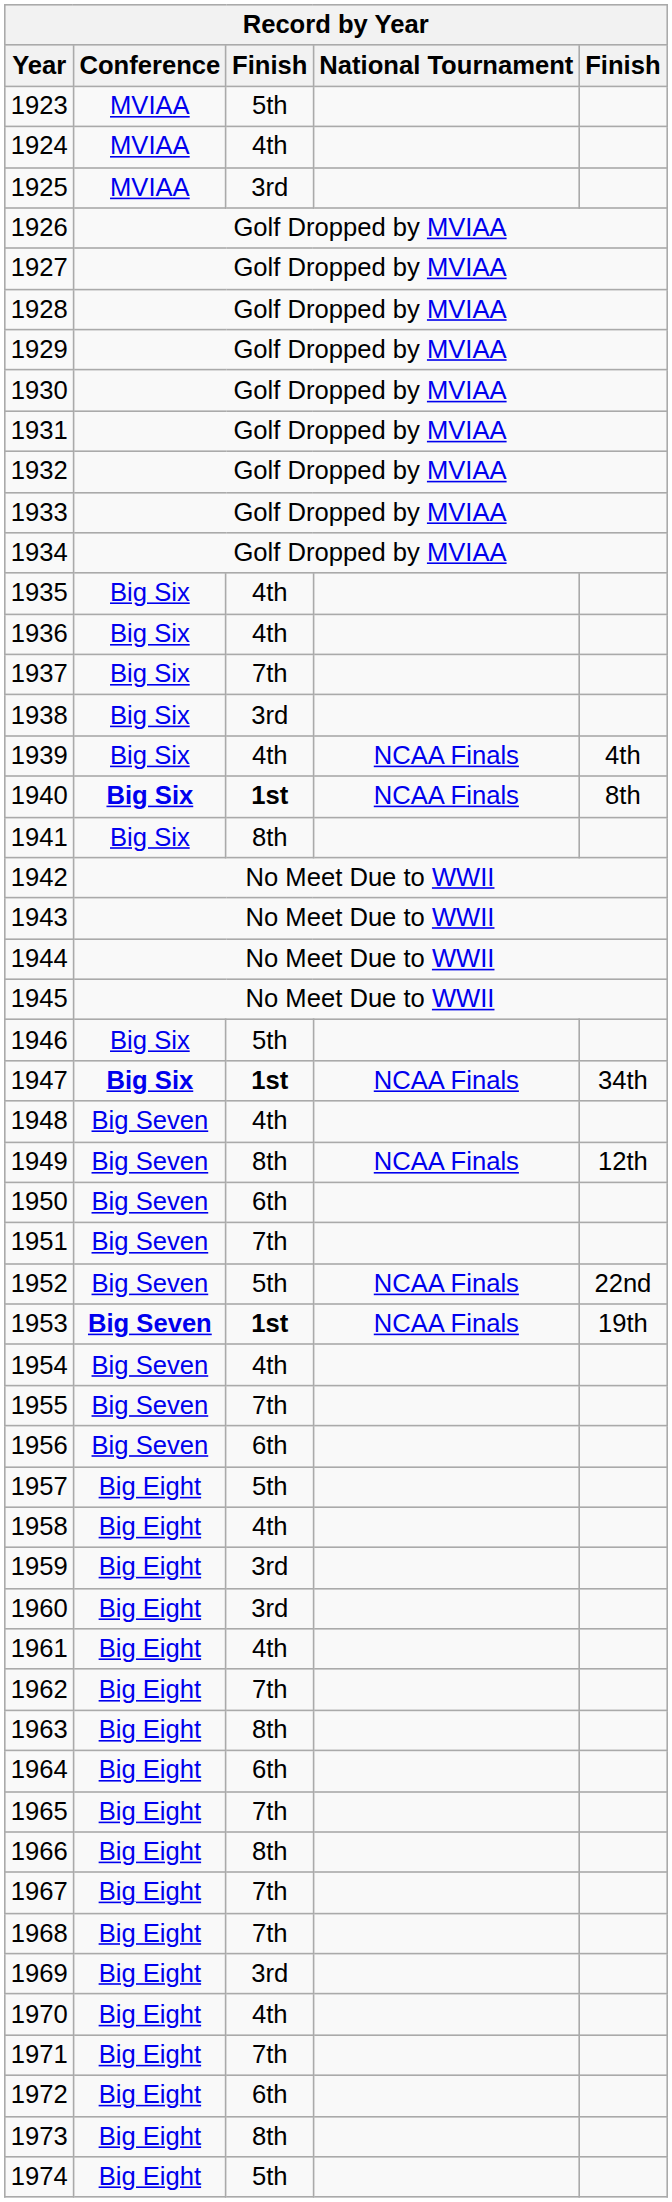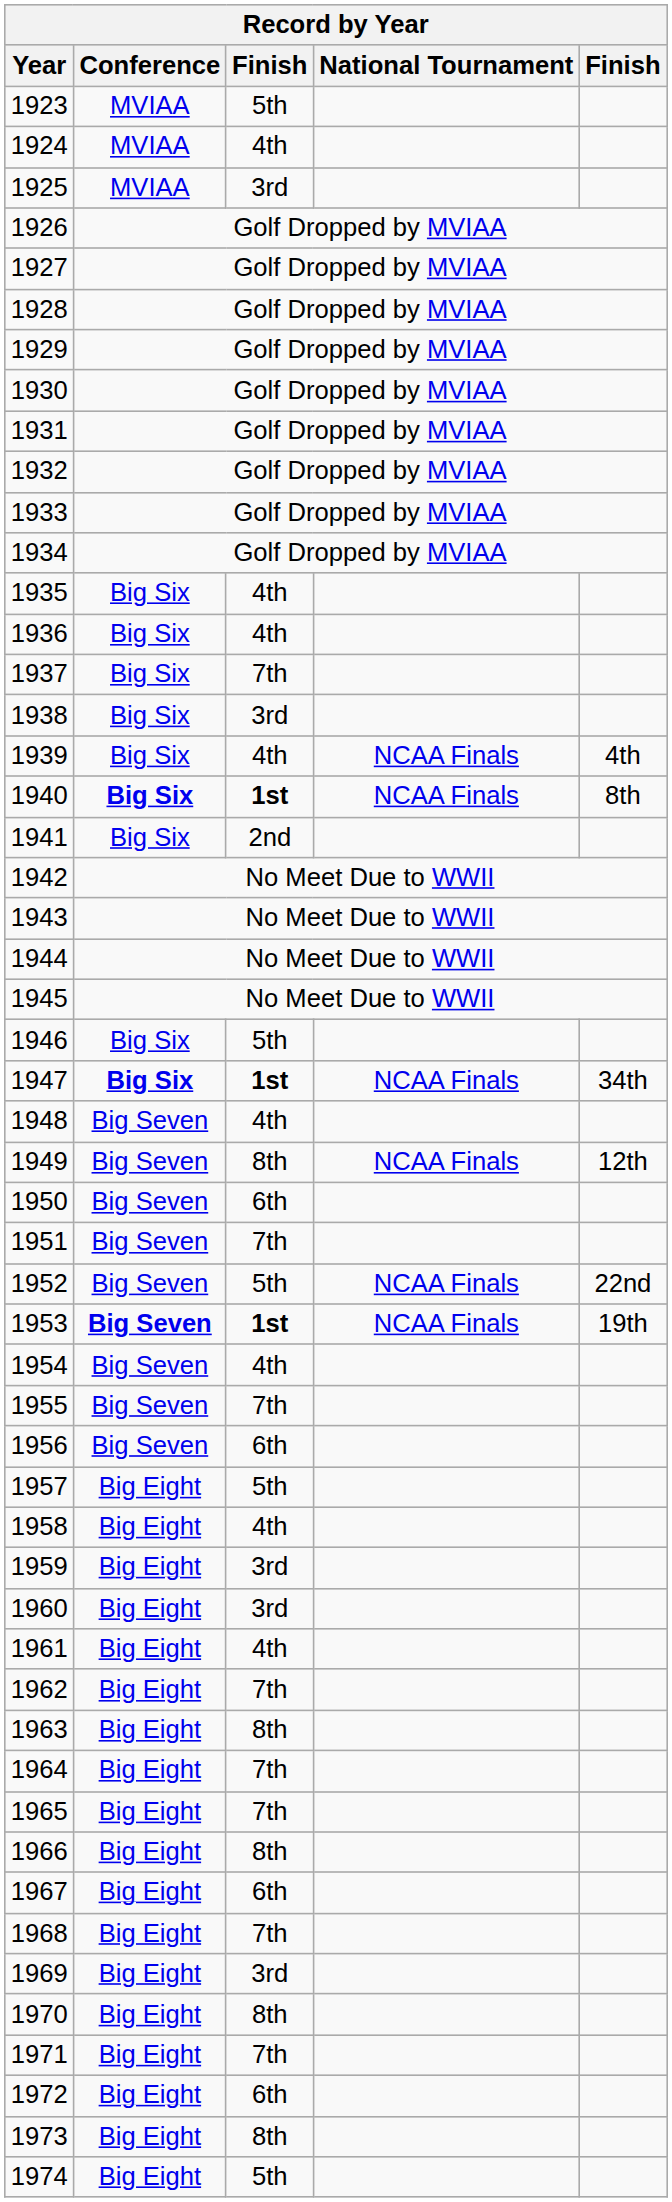 <table class="wikitable">
 <tr>
 <th colspan="5">Record by Year</th>
 </tr>
 <tr>
 <th scope="col" style=>Year</th>
 <th scope="col" style=>Conference</th>
 <th scope="col" style=>Finish</th>
 <th scope="col" style=>National Tournament</th>
 <th scope="col" style=>Finish</th>
 </tr>
 <tr>
 <td>1923</td>
 <td style="text-align: center;"><a href='#'>MVIAA</a></td>
 <td style="text-align: center;">5th</td>
 <td style="text-align: center;"></td>
 <td style="text-align: center;"></td>
 </tr>
 <tr>
 <td>1924</td>
 <td style="text-align: center;"><a href='#'>MVIAA</a></td>
 <td style="text-align: center;">4th</td>
 <td style="text-align: center;"></td>
 <td style="text-align: center;"></td>
 </tr>
 <tr>
 <td>1925</td>
 <td style="text-align: center;"><a href='#'>MVIAA</a></td>
 <td style="text-align: center;">3rd</td>
 <td style="text-align: center;"></td>
 <td style="text-align: center;"></td>
 </tr>
 <tr>
 <td>1926</td>
 <td style="text-align: center;" colspan=4>Golf Dropped by <a href='#'>MVIAA</a></td>
 </tr>
 <tr>
 <td>1927</td>
 <td style="text-align: center;" colspan=4>Golf Dropped by <a href='#'>MVIAA</a></td>
 </tr>
 <tr>
 <td>1928</td>
 <td style="text-align: center;" colspan=4>Golf Dropped by <a href='#'>MVIAA</a></td>
 </tr>
 <tr>
 <td>1929</td>
 <td style="text-align: center;" colspan=4>Golf Dropped by <a href='#'>MVIAA</a></td>
 </tr>
 <tr>
 <td>1930</td>
 <td style="text-align: center;" colspan=4>Golf Dropped by <a href='#'>MVIAA</a></td>
 </tr>
 <tr>
 <td>1931</td>
 <td style="text-align: center;" colspan=4>Golf Dropped by <a href='#'>MVIAA</a></td>
 </tr>
 <tr>
 <td>1932</td>
 <td style="text-align: center;" colspan=4>Golf Dropped by <a href='#'>MVIAA</a></td>
 </tr>
 <tr>
 <td>1933</td>
 <td style="text-align: center;" colspan=4>Golf Dropped by <a href='#'>MVIAA</a></td>
 </tr>
 <tr>
 <td>1934</td>
 <td style="text-align: center;" colspan=4>Golf Dropped by <a href='#'>MVIAA</a></td>
 </tr>
 <tr>
 <td>1935</td>
 <td style="text-align: center;"><a href='#'>Big Six</a></td>
 <td style="text-align: center;">4th</td>
 <td style="text-align: center;"></td>
 <td style="text-align: center;"></td>
 </tr>
 <tr>
 <td>1936</td>
 <td style="text-align: center;"><a href='#'>Big Six</a></td>
 <td style="text-align: center;">4th</td>
 <td style="text-align: center;"></td>
 <td style="text-align: center;"></td>
 </tr>
 <tr>
 <td>1937</td>
 <td style="text-align: center;"><a href='#'>Big Six</a></td>
 <td style="text-align: center;">7th</td>
 <td style="text-align: center;"></td>
 <td style="text-align: center;"></td>
 </tr>
 <tr>
 <td>1938</td>
 <td style="text-align: center;"><a href='#'>Big Six</a></td>
 <td style="text-align: center;">3rd</td>
 <td style="text-align: center;"></td>
 <td style="text-align: center;"></td>
 </tr>
 <tr>
 <td>1939</td>
 <td style="text-align: center;"><a href='#'>Big Six</a></td>
 <td style="text-align: center;">4th</td>
 <td style="text-align: center;"><a href='#'>NCAA Finals</a></td>
 <td style="text-align: center;">4th</td>
 </tr>
 <tr>
 <td>1940</td>
 <td style="text-align: center; "><strong><a href='#'>Big Six</a></strong></td>
 <td style="text-align: center; "><strong>1st</strong></td>
 <td style="text-align: center;"><a href='#'>NCAA Finals</a></td>
 <td style="text-align: center;">8th</td>
 </tr>
 <tr>
 <td>1941</td>
 <td style="text-align: center;"><a href='#'>Big Six</a></td>
-<td style="text-align: center;">8th</td>
+<td style="text-align: center;">2nd</td>
 <td style="text-align: center;"></td>
 <td style="text-align: center;"></td>
 </tr>
 <tr>
 <td>1942</td>
 <td style="text-align: center;" colspan=4>No Meet Due to <a href='#'>WWII</a></td>
 </tr>
 <tr>
 <td>1943</td>
 <td style="text-align: center;" colspan=4>No Meet Due to <a href='#'>WWII</a></td>
 </tr>
 <tr>
 <td>1944</td>
 <td style="text-align: center;" colspan=4>No Meet Due to <a href='#'>WWII</a></td>
 </tr>
 <tr>
 <td>1945</td>
 <td style="text-align: center;" colspan=4>No Meet Due to <a href='#'>WWII</a></td>
 </tr>
 <tr>
 <td>1946</td>
 <td style="text-align: center;"><a href='#'>Big Six</a></td>
 <td style="text-align: center;">5th</td>
 <td style="text-align: center;"></td>
 <td style="text-align: center;"></td>
 </tr>
 <tr>
 <td>1947</td>
 <td style="text-align: center; "><strong><a href='#'>Big Six</a></strong></td>
 <td style="text-align: center; "><strong>1st</strong></td>
 <td style="text-align: center;"><a href='#'>NCAA Finals</a></td>
 <td style="text-align: center;">34th</td>
 </tr>
 <tr>
 <td>1948</td>
 <td style="text-align: center;"><a href='#'>Big Seven</a></td>
 <td style="text-align: center;">4th</td>
 <td style="text-align: center;"></td>
 <td style="text-align: center;"></td>
 </tr>
 <tr>
 <td>1949</td>
 <td style="text-align: center;"><a href='#'>Big Seven</a></td>
 <td style="text-align: center;">8th</td>
 <td style="text-align: center;"><a href='#'>NCAA Finals</a></td>
 <td style="text-align: center;">12th</td>
 </tr>
 <tr>
 <td>1950</td>
 <td style="text-align: center;"><a href='#'>Big Seven</a></td>
 <td style="text-align: center;">6th</td>
 <td style="text-align: center;"></td>
 <td style="text-align: center;"></td>
 </tr>
 <tr>
 <td>1951</td>
 <td style="text-align: center;"><a href='#'>Big Seven</a></td>
 <td style="text-align: center;">7th</td>
 <td style="text-align: center;"></td>
 <td style="text-align: center;"></td>
 </tr>
 <tr>
 <td>1952</td>
 <td style="text-align: center;"><a href='#'>Big Seven</a></td>
 <td style="text-align: center;">5th</td>
 <td style="text-align: center;"><a href='#'>NCAA Finals</a></td>
 <td style="text-align: center;">22nd</td>
 </tr>
 <tr>
 <td>1953</td>
 <td style="text-align: center; "><strong><a href='#'>Big Seven</a></strong></td>
 <td style="text-align: center; "><strong>1st</strong></td>
 <td style="text-align: center;"><a href='#'>NCAA Finals</a></td>
 <td style="text-align: center;">19th</td>
 </tr>
 <tr>
 <td>1954</td>
 <td style="text-align: center;"><a href='#'>Big Seven</a></td>
 <td style="text-align: center;">4th</td>
 <td style="text-align: center;"></td>
 <td style="text-align: center;"></td>
 </tr>
 <tr>
 <td>1955</td>
 <td style="text-align: center;"><a href='#'>Big Seven</a></td>
 <td style="text-align: center;">7th</td>
 <td style="text-align: center;"></td>
 <td style="text-align: center;"></td>
 </tr>
 <tr>
 <td>1956</td>
 <td style="text-align: center;"><a href='#'>Big Seven</a></td>
 <td style="text-align: center;">6th</td>
 <td style="text-align: center;"></td>
 <td style="text-align: center;"></td>
 </tr>
 <tr>
 <td>1957</td>
 <td style="text-align: center;"><a href='#'>Big Eight</a></td>
 <td style="text-align: center;">5th</td>
 <td style="text-align: center;"></td>
 <td style="text-align: center;"></td>
 </tr>
 <tr>
 <td>1958</td>
 <td style="text-align: center;"><a href='#'>Big Eight</a></td>
 <td style="text-align: center;">4th</td>
 <td style="text-align: center;"></td>
 <td style="text-align: center;"></td>
 </tr>
 <tr>
 <td>1959</td>
 <td style="text-align: center;"><a href='#'>Big Eight</a></td>
 <td style="text-align: center;">3rd</td>
 <td style="text-align: center;"></td>
 <td style="text-align: center;"></td>
 </tr>
 <tr>
 <td>1960</td>
 <td style="text-align: center;"><a href='#'>Big Eight</a></td>
 <td style="text-align: center;">3rd</td>
 <td style="text-align: center;"></td>
 <td style="text-align: center;"></td>
 </tr>
 <tr>
 <td>1961</td>
 <td style="text-align: center;"><a href='#'>Big Eight</a></td>
 <td style="text-align: center;">4th</td>
 <td style="text-align: center;"></td>
 <td style="text-align: center;"></td>
 </tr>
 <tr>
 <td>1962</td>
 <td style="text-align: center;"><a href='#'>Big Eight</a></td>
 <td style="text-align: center;">7th</td>
 <td style="text-align: center;"></td>
 <td style="text-align: center;"></td>
 </tr>
 <tr>
 <td>1963</td>
 <td style="text-align: center;"><a href='#'>Big Eight</a></td>
 <td style="text-align: center;">8th</td>
 <td style="text-align: center;"></td>
 <td style="text-align: center;"></td>
 </tr>
 <tr>
 <td>1964</td>
 <td style="text-align: center;"><a href='#'>Big Eight</a></td>
-<td style="text-align: center;">6th</td>
+<td style="text-align: center;">7th</td>
 <td style="text-align: center;"></td>
 <td style="text-align: center;"></td>
 </tr>
 <tr>
 <td>1965</td>
 <td style="text-align: center;"><a href='#'>Big Eight</a></td>
 <td style="text-align: center;">7th</td>
 <td style="text-align: center;"></td>
 <td style="text-align: center;"></td>
 </tr>
 <tr>
 <td>1966</td>
 <td style="text-align: center;"><a href='#'>Big Eight</a></td>
 <td style="text-align: center;">8th</td>
 <td style="text-align: center;"></td>
 <td style="text-align: center;"></td>
 </tr>
 <tr>
 <td>1967</td>
 <td style="text-align: center;"><a href='#'>Big Eight</a></td>
-<td style="text-align: center;">7th</td>
+<td style="text-align: center;">6th</td>
 <td style="text-align: center;"></td>
 <td style="text-align: center;"></td>
 </tr>
 <tr>
 <td>1968</td>
 <td style="text-align: center;"><a href='#'>Big Eight</a></td>
 <td style="text-align: center;">7th</td>
 <td style="text-align: center;"></td>
 <td style="text-align: center;"></td>
 </tr>
 <tr>
 <td>1969</td>
 <td style="text-align: center;"><a href='#'>Big Eight</a></td>
 <td style="text-align: center;">3rd</td>
 <td style="text-align: center;"></td>
 <td style="text-align: center;"></td>
 </tr>
 <tr>
 <td>1970</td>
 <td style="text-align: center;"><a href='#'>Big Eight</a></td>
-<td style="text-align: center;">4th</td>
+<td style="text-align: center;">8th</td>
 <td style="text-align: center;"></td>
 <td style="text-align: center;"></td>
 </tr>
 <tr>
 <td>1971</td>
 <td style="text-align: center;"><a href='#'>Big Eight</a></td>
 <td style="text-align: center;">7th</td>
 <td style="text-align: center;"></td>
 <td style="text-align: center;"></td>
 </tr>
 <tr>
 <td>1972</td>
 <td style="text-align: center;"><a href='#'>Big Eight</a></td>
 <td style="text-align: center;">6th</td>
 <td style="text-align: center;"></td>
 <td style="text-align: center;"></td>
 </tr>
 <tr>
 <td>1973</td>
 <td style="text-align: center;"><a href='#'>Big Eight</a></td>
 <td style="text-align: center;">8th</td>
 <td style="text-align: center;"></td>
 <td style="text-align: center;"></td>
 </tr>
 <tr>
 <td>1974</td>
 <td style="text-align: center;"><a href='#'>Big Eight</a></td>
 <td style="text-align: center;">5th</td>
 <td style="text-align: center;"></td>
 <td style="text-align: center;"></td>
 </tr>
 </table>
